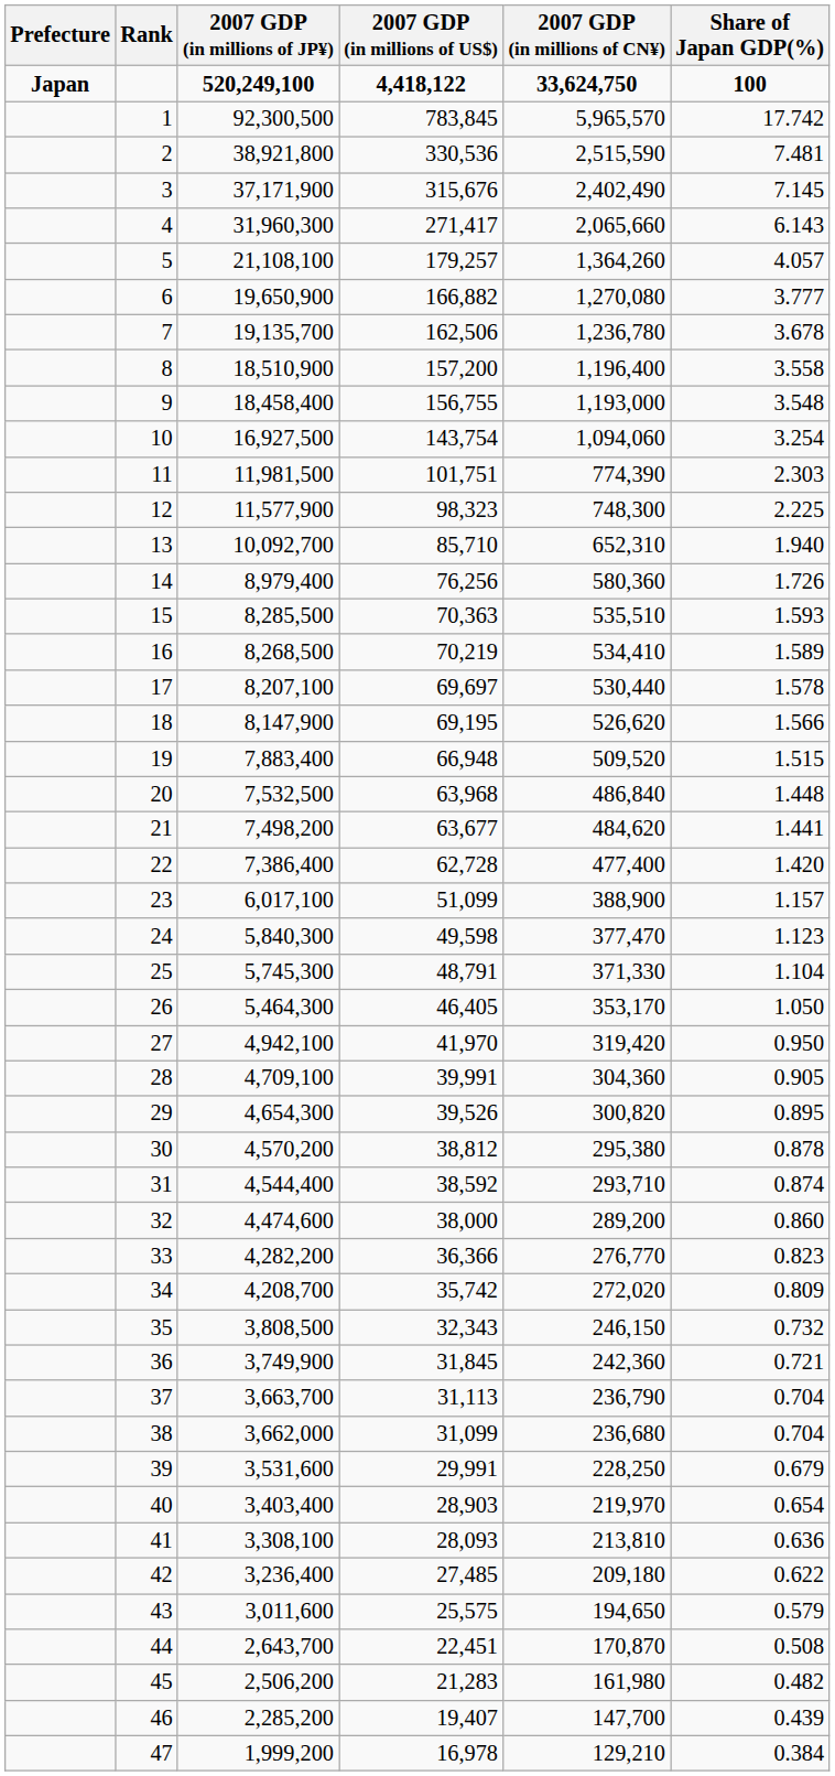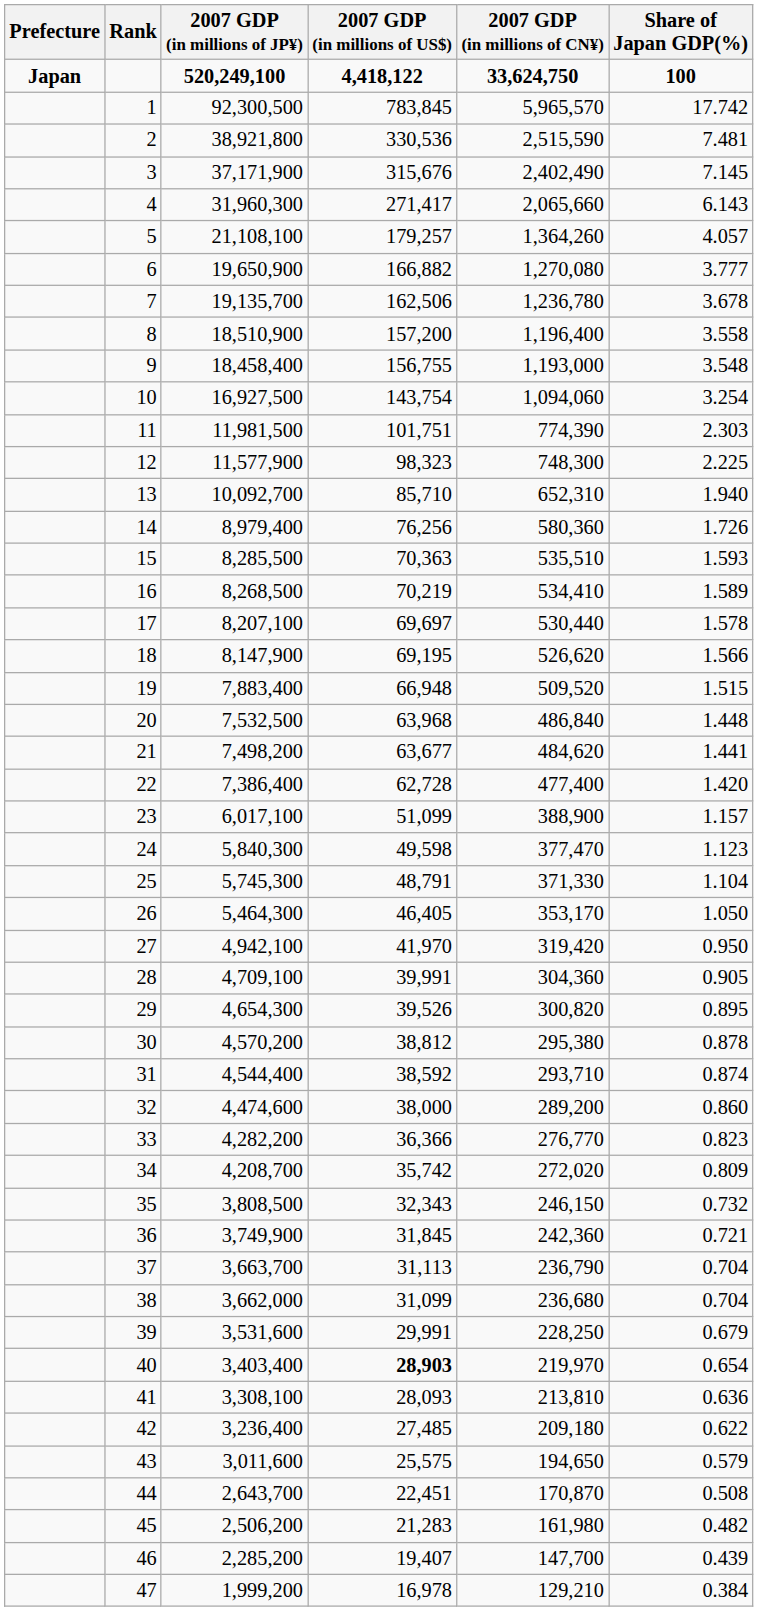 <table class="wikitable sortable">
 <tr align=center valign=middle>
 <th>Prefecture</th>
 <th>Rank</th>
 <th>2007 GDP <br><small> (in millions of JP¥) </small></th>
 <th>2007 GDP <br><small> (in millions of US$) </small></th>
 <th>2007 GDP <br><small> (in millions of CN¥) </small></th>
 <th>Share of <br><span>Japan GDP(%)</span></th>
 </tr>
 <tr align=center valign=middle>
 <td> <strong> Japan </strong></td>
 <td></td>
 <td><strong> 520,249,100 </strong></td>
 <td><strong> 4,418,122 </strong></td>
 <td><strong> 33,624,750 </strong></td>
 <td><strong> 100 </strong></td>
 </tr>
 <tr align=right>
 <td align=left></td>
 <td>1</td>
 <td>92,300,500</td>
 <td>783,845</td>
 <td>5,965,570</td>
 <td>17.742</td>
 </tr>
 <tr align=right>
 <td align=left></td>
 <td>2</td>
 <td>38,921,800</td>
 <td>330,536</td>
 <td>2,515,590</td>
 <td>7.481</td>
 </tr>
 <tr align=right>
 <td align=left></td>
 <td>3</td>
 <td>37,171,900</td>
 <td>315,676</td>
 <td>2,402,490</td>
 <td>7.145</td>
 </tr>
 <tr align=right>
 <td align=left></td>
 <td>4</td>
 <td>31,960,300</td>
 <td>271,417</td>
 <td>2,065,660</td>
 <td>6.143</td>
 </tr>
 <tr align=right>
 <td align=left></td>
 <td>5</td>
 <td>21,108,100</td>
 <td>179,257</td>
 <td>1,364,260</td>
 <td>4.057</td>
 </tr>
 <tr align=right>
 <td align=left></td>
 <td>6</td>
 <td>19,650,900</td>
 <td>166,882</td>
 <td>1,270,080</td>
 <td>3.777</td>
 </tr>
 <tr align=right>
 <td align=left></td>
 <td>7</td>
 <td>19,135,700</td>
 <td>162,506</td>
 <td>1,236,780</td>
 <td>3.678</td>
 </tr>
 <tr align=right>
 <td align=left></td>
 <td>8</td>
 <td>18,510,900</td>
 <td>157,200</td>
 <td>1,196,400</td>
 <td>3.558</td>
 </tr>
 <tr align=right>
 <td align=left></td>
 <td>9</td>
 <td>18,458,400</td>
 <td>156,755</td>
 <td>1,193,000</td>
 <td>3.548</td>
 </tr>
 <tr align=right>
 <td align=left></td>
 <td>10</td>
 <td>16,927,500</td>
 <td>143,754</td>
 <td>1,094,060</td>
 <td>3.254</td>
 </tr>
 <tr align=right>
 <td align=left></td>
 <td>11</td>
 <td>11,981,500</td>
 <td>101,751</td>
 <td>774,390</td>
 <td>2.303</td>
 </tr>
 <tr align=right>
 <td align=left></td>
 <td>12</td>
 <td>11,577,900</td>
 <td>98,323</td>
 <td>748,300</td>
 <td>2.225</td>
 </tr>
 <tr align=right>
 <td align=left></td>
 <td>13</td>
 <td>10,092,700</td>
 <td>85,710</td>
 <td>652,310</td>
 <td>1.940</td>
 </tr>
 <tr align=right>
 <td align=left></td>
 <td>14</td>
 <td>8,979,400</td>
 <td>76,256</td>
 <td>580,360</td>
 <td>1.726</td>
 </tr>
 <tr align=right>
 <td align=left></td>
 <td>15</td>
 <td>8,285,500</td>
 <td>70,363</td>
 <td>535,510</td>
 <td>1.593</td>
 </tr>
 <tr align=right>
 <td align=left></td>
 <td>16</td>
 <td>8,268,500</td>
 <td>70,219</td>
 <td>534,410</td>
 <td>1.589</td>
 </tr>
 <tr align=right>
 <td align=left></td>
 <td>17</td>
 <td>8,207,100</td>
 <td>69,697</td>
 <td>530,440</td>
 <td>1.578</td>
 </tr>
 <tr align=right>
 <td align=left></td>
 <td>18</td>
 <td>8,147,900</td>
 <td>69,195</td>
 <td>526,620</td>
 <td>1.566</td>
 </tr>
 <tr align=right>
 <td align=left></td>
 <td>19</td>
 <td>7,883,400</td>
 <td>66,948</td>
 <td>509,520</td>
 <td>1.515</td>
 </tr>
 <tr align=right>
 <td align=left></td>
 <td>20</td>
 <td>7,532,500</td>
 <td>63,968</td>
 <td>486,840</td>
 <td>1.448</td>
 </tr>
 <tr align=right>
 <td align=left></td>
 <td>21</td>
 <td>7,498,200</td>
 <td>63,677</td>
 <td>484,620</td>
 <td>1.441</td>
 </tr>
 <tr align=right>
 <td align=left></td>
 <td>22</td>
 <td>7,386,400</td>
 <td>62,728</td>
 <td>477,400</td>
 <td>1.420</td>
 </tr>
 <tr align=right>
 <td align=left></td>
 <td>23</td>
 <td>6,017,100</td>
 <td>51,099</td>
 <td>388,900</td>
 <td>1.157</td>
 </tr>
 <tr align=right>
 <td align=left></td>
 <td>24</td>
 <td>5,840,300</td>
 <td>49,598</td>
 <td>377,470</td>
 <td>1.123</td>
 </tr>
 <tr align=right>
 <td align=left></td>
 <td>25</td>
 <td>5,745,300</td>
 <td>48,791</td>
 <td>371,330</td>
 <td>1.104</td>
 </tr>
 <tr align=right>
 <td align=left></td>
 <td>26</td>
 <td>5,464,300</td>
 <td>46,405</td>
 <td>353,170</td>
 <td>1.050</td>
 </tr>
 <tr align=right>
 <td align=left></td>
 <td>27</td>
 <td>4,942,100</td>
 <td>41,970</td>
 <td>319,420</td>
 <td>0.950</td>
 </tr>
 <tr align=right>
 <td align=left></td>
 <td>28</td>
 <td>4,709,100</td>
 <td>39,991</td>
 <td>304,360</td>
 <td>0.905</td>
 </tr>
 <tr align=right>
 <td align=left></td>
 <td>29</td>
 <td>4,654,300</td>
 <td>39,526</td>
 <td>300,820</td>
 <td>0.895</td>
 </tr>
 <tr align=right>
 <td align=left></td>
 <td>30</td>
 <td>4,570,200</td>
 <td>38,812</td>
 <td>295,380</td>
 <td>0.878</td>
 </tr>
 <tr align=right>
 <td align=left></td>
 <td>31</td>
 <td>4,544,400</td>
 <td>38,592</td>
 <td>293,710</td>
 <td>0.874</td>
 </tr>
 <tr align=right>
 <td align=left></td>
 <td>32</td>
 <td>4,474,600</td>
 <td>38,000</td>
 <td>289,200</td>
 <td>0.860</td>
 </tr>
 <tr align=right>
 <td align=left></td>
 <td>33</td>
 <td>4,282,200</td>
 <td>36,366</td>
 <td>276,770</td>
 <td>0.823</td>
 </tr>
 <tr align=right>
 <td align=left></td>
 <td>34</td>
 <td>4,208,700</td>
 <td>35,742</td>
 <td>272,020</td>
 <td>0.809</td>
 </tr>
 <tr align=right>
 <td align=left></td>
 <td>35</td>
 <td>3,808,500</td>
 <td>32,343</td>
 <td>246,150</td>
 <td>0.732</td>
 </tr>
 <tr align=right>
 <td align=left></td>
 <td>36</td>
 <td>3,749,900</td>
 <td>31,845</td>
 <td>242,360</td>
 <td>0.721</td>
 </tr>
 <tr align=right>
 <td align=left></td>
 <td>37</td>
 <td>3,663,700</td>
 <td>31,113</td>
 <td>236,790</td>
 <td>0.704</td>
 </tr>
 <tr align=right>
 <td align=left></td>
 <td>38</td>
 <td>3,662,000</td>
 <td>31,099</td>
 <td>236,680</td>
 <td>0.704</td>
 </tr>
 <tr align=right>
 <td align=left></td>
 <td>39</td>
 <td>3,531,600</td>
 <td>29,991</td>
 <td>228,250</td>
 <td>0.679</td>
 </tr>
 <tr align=right>
 <td align=left></td>
 <td>40</td>
 <td>3,403,400</td>
-<td>28,903</td>
+<td><strong>28,903</strong></td>
 <td>219,970</td>
 <td>0.654</td>
 </tr>
 <tr align=right>
 <td align=left></td>
 <td>41</td>
 <td>3,308,100</td>
 <td>28,093</td>
 <td>213,810</td>
 <td>0.636</td>
 </tr>
 <tr align=right>
 <td align=left></td>
 <td>42</td>
 <td>3,236,400</td>
 <td>27,485</td>
 <td>209,180</td>
 <td>0.622</td>
 </tr>
 <tr align=right>
 <td align=left></td>
 <td>43</td>
 <td>3,011,600</td>
 <td>25,575</td>
 <td>194,650</td>
 <td>0.579</td>
 </tr>
 <tr align=right>
 <td align=left></td>
 <td>44</td>
 <td>2,643,700</td>
 <td>22,451</td>
 <td>170,870</td>
 <td>0.508</td>
 </tr>
 <tr align=right>
 <td align=left></td>
 <td>45</td>
 <td>2,506,200</td>
 <td>21,283</td>
 <td>161,980</td>
 <td>0.482</td>
 </tr>
 <tr align=right>
 <td align=left></td>
 <td>46</td>
 <td>2,285,200</td>
 <td>19,407</td>
 <td>147,700</td>
 <td>0.439</td>
 </tr>
 <tr align=right>
 <td align=left></td>
 <td>47</td>
 <td>1,999,200</td>
 <td>16,978</td>
 <td>129,210</td>
 <td>0.384</td>
 </tr>
 </table>
